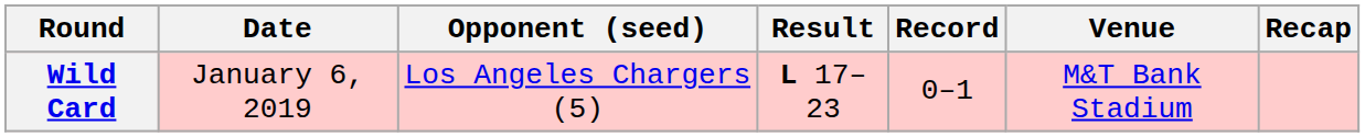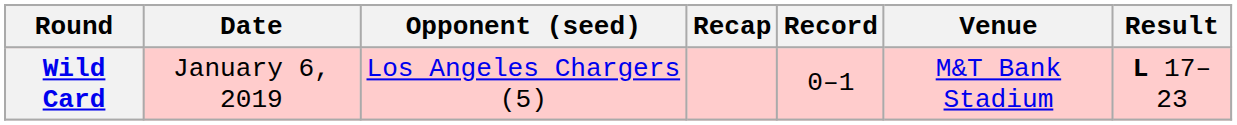 <table class="wikitable" style="text-align:center">
 <tr>
 <th>Round</th>
 <th>Date</th>
 <th>Opponent (seed)</th>
-<th>Result</th>
+<th>Recap</th>
 <th>Record</th>
 <th>Venue</th>
-<th>Recap</th>
+<th>Result</th>
 </tr>
 <tr style="background:#fcc">
 <th><a href='#'>Wild Card</a></th>
 <td>January 6, 2019</td>
 <td><a href='#'>Los Angeles Chargers</a> (5)</td>
-<td><strong>L</strong> 17–23</td>
+<td></td>
 <td>0–1</td>
 <td><a href='#'>M&T Bank Stadium</a></td>
-<td></td>
+<td><strong>L</strong> 17–23</td>
 </tr>
 </table>
